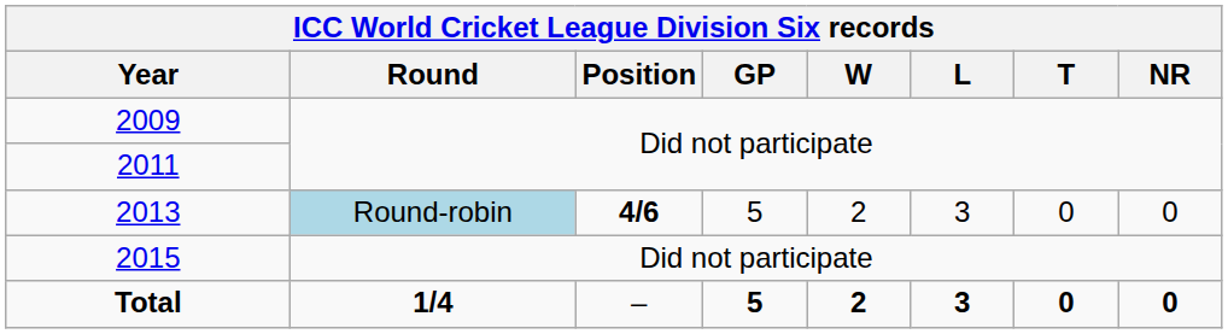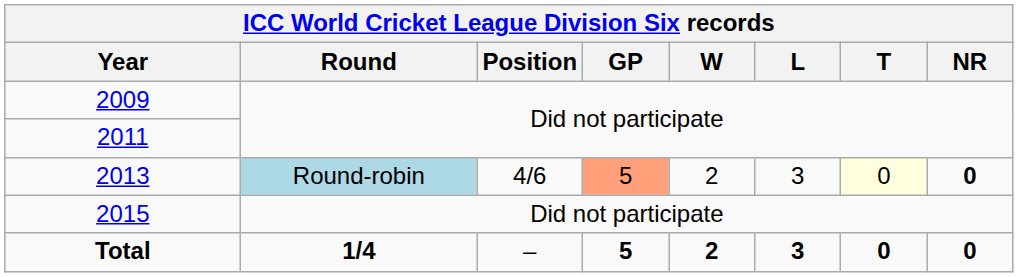 <table class="wikitable" style="text-align: center; width=900px;">
 <tr>
 <th colspan=9><a href='#'>ICC World Cricket League Division Six</a> records</th>
 </tr>
 <tr>
 <th width=150>Year</th>
 <th width=150>Round</th>
 <th width=50>Position</th>
 <th width=50>GP</th>
 <th width=50>W</th>
 <th width=50>L</th>
 <th width=50>T</th>
 <th width=50>NR</th>
 </tr>
 <tr>
 <td> <a href='#'>2009</a></td>
 <td colspan=8 rowspan=2>Did not participate</td>
 </tr>
 <tr>
 <td> <a href='#'>2011</a></td>
 </tr>
 <tr>
 <td> <a href='#'>2013</a></td>
 <td style="background: lightblue;">Round-robin</td>
-<td><strong>4/6</strong></td>
-<td>5</td>
+<td>4/6</td>
+<td style="background: lightsalmon;">5</td>
 <td>2</td>
 <td>3</td>
-<td>0</td>
-<td>0</td>
+<td style="background: lightyellow;">0</td>
+<td><strong>0</strong></td>
 </tr>
 <tr>
 <td> <a href='#'>2015</a></td>
 <td colspan=8 rowspan=1>Did not participate</td>
 </tr>
 <tr>
 <td><strong>Total</strong></td>
 <td><strong>1/4</strong></td>
 <td>–</td>
 <td><strong>5</strong></td>
 <td><strong>2</strong></td>
 <td><strong>3</strong></td>
 <td><strong>0</strong></td>
 <td><strong>0</strong></td>
 </tr>
 </table>
